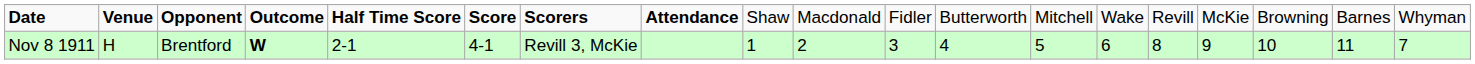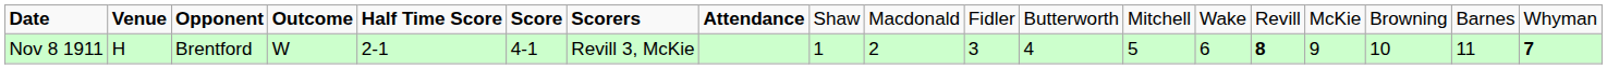 <table class="wikitable">
 <tr>
 <td><strong>Date</strong></td>
 <td><strong>Venue</strong></td>
 <td><strong>Opponent</strong></td>
 <td><strong>Outcome</strong></td>
 <td><strong>Half Time Score</strong></td>
 <td><strong>Score</strong></td>
 <td><strong>Scorers</strong></td>
 <td><strong>Attendance</strong></td>
 <td>Shaw</td>
 <td>Macdonald</td>
 <td>Fidler</td>
 <td>Butterworth</td>
 <td>Mitchell</td>
 <td>Wake</td>
 <td>Revill</td>
 <td>McKie</td>
 <td>Browning</td>
 <td>Barnes</td>
 <td>Whyman</td>
 </tr>
 <tr bgcolor="#CCFFCC">
 <td>Nov 8 1911</td>
 <td>H</td>
 <td>Brentford</td>
-<td><strong>W</strong></td>
+<td>W</td>
 <td>2-1</td>
 <td>4-1</td>
 <td>Revill 3, McKie</td>
 <td></td>
 <td>1</td>
 <td>2</td>
 <td>3</td>
 <td>4</td>
 <td>5</td>
 <td>6</td>
-<td>8</td>
+<td><strong>8</strong></td>
 <td>9</td>
 <td>10</td>
 <td>11</td>
-<td>7</td>
+<td><strong>7</strong></td>
 </tr>
 </table>
